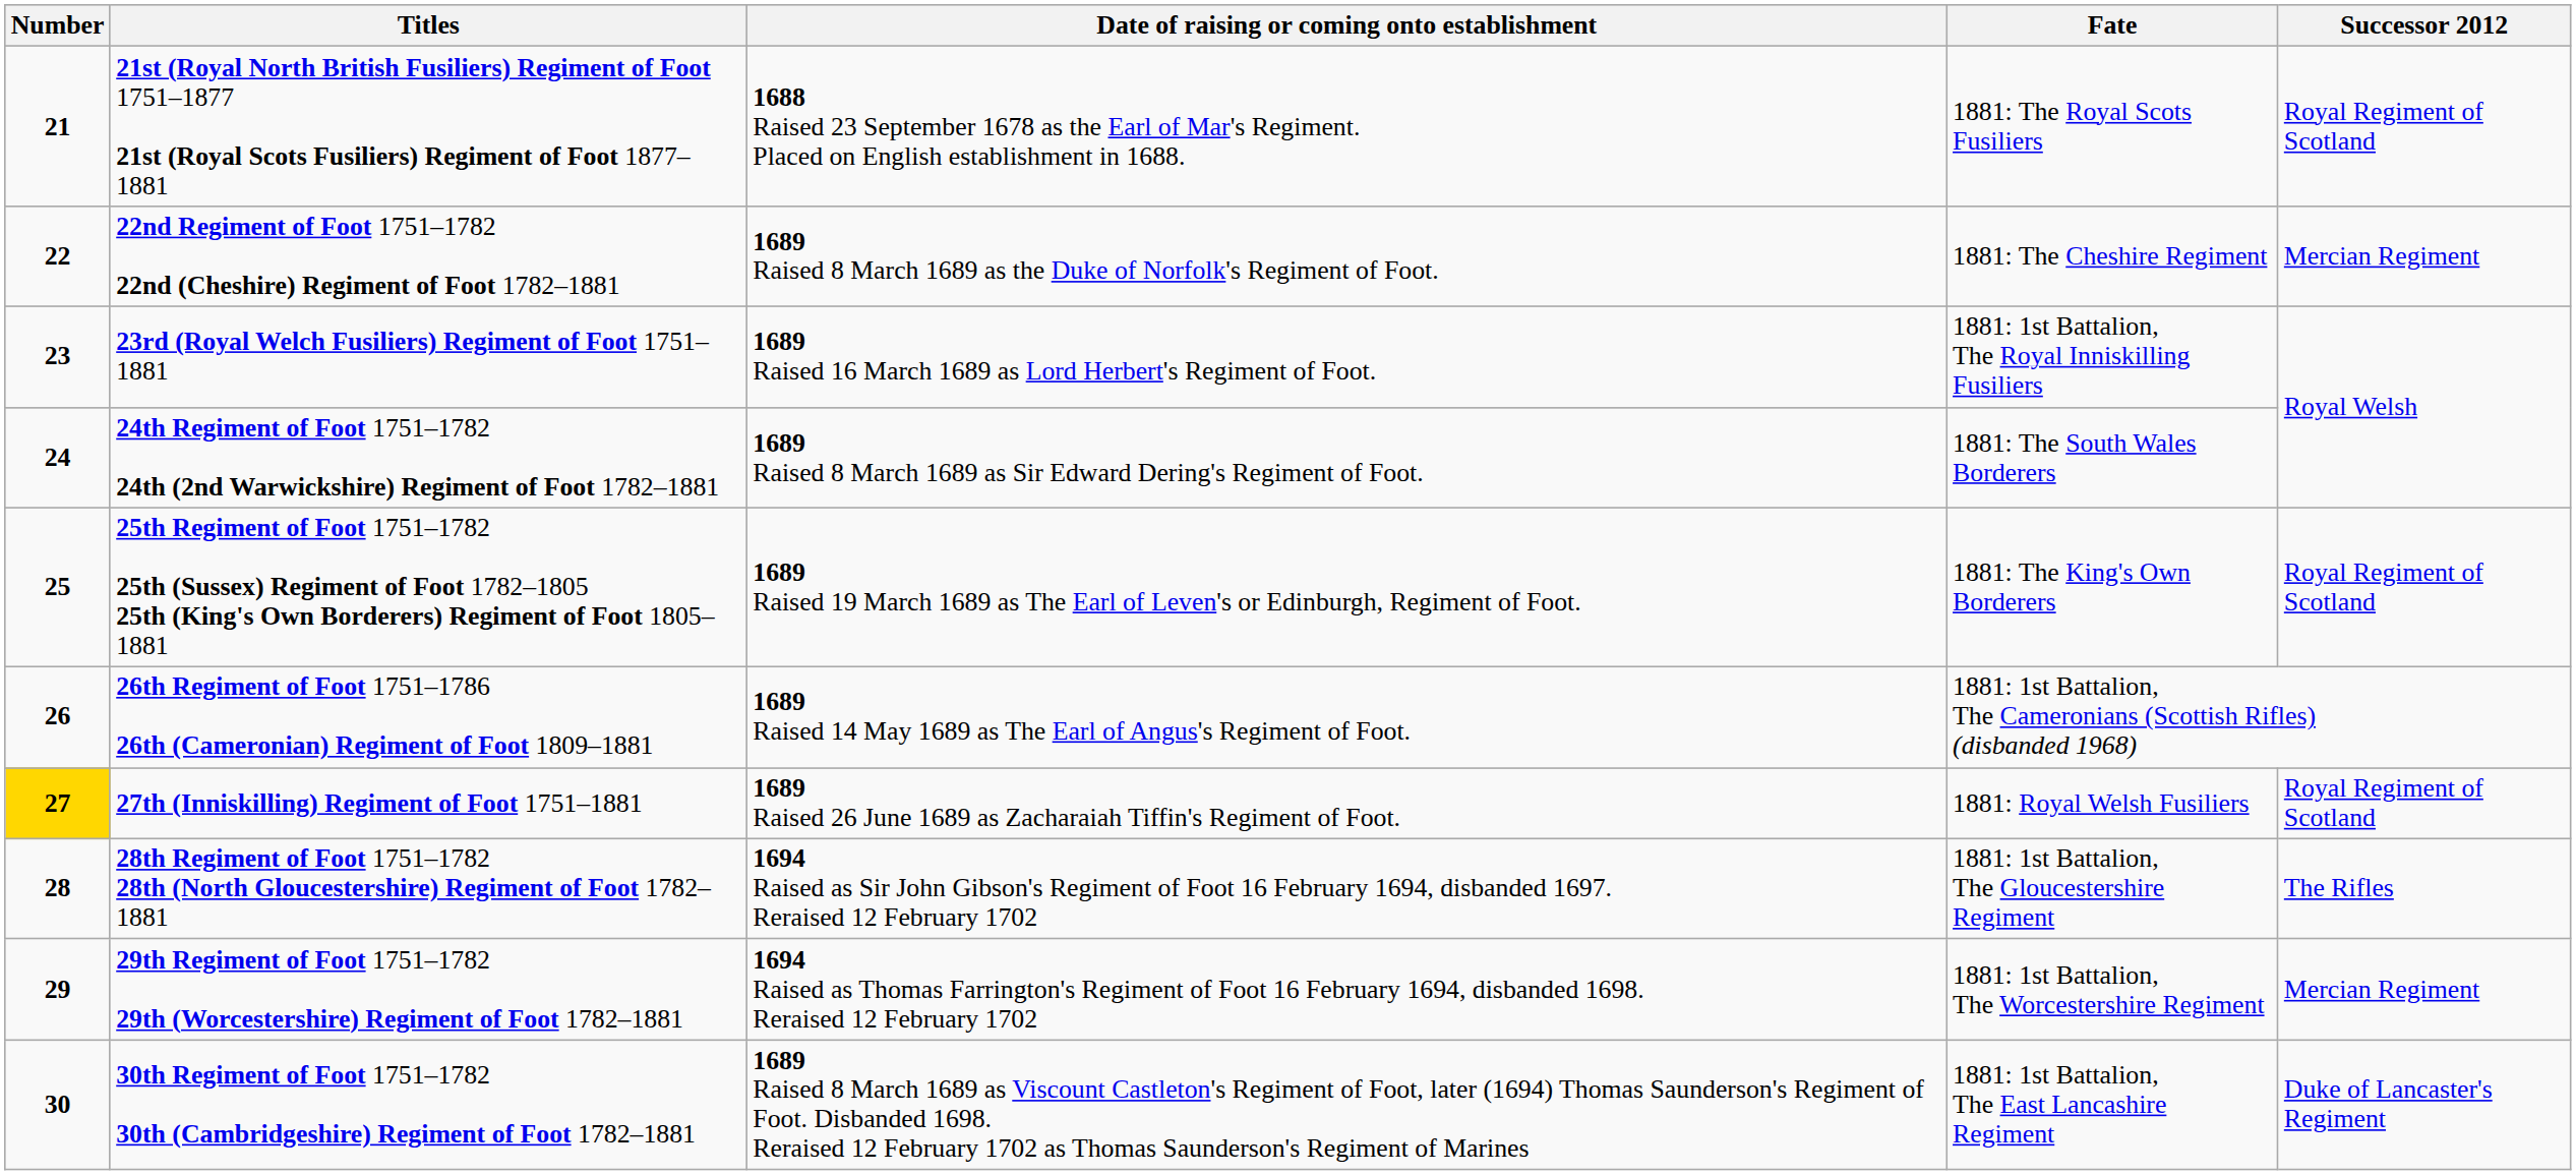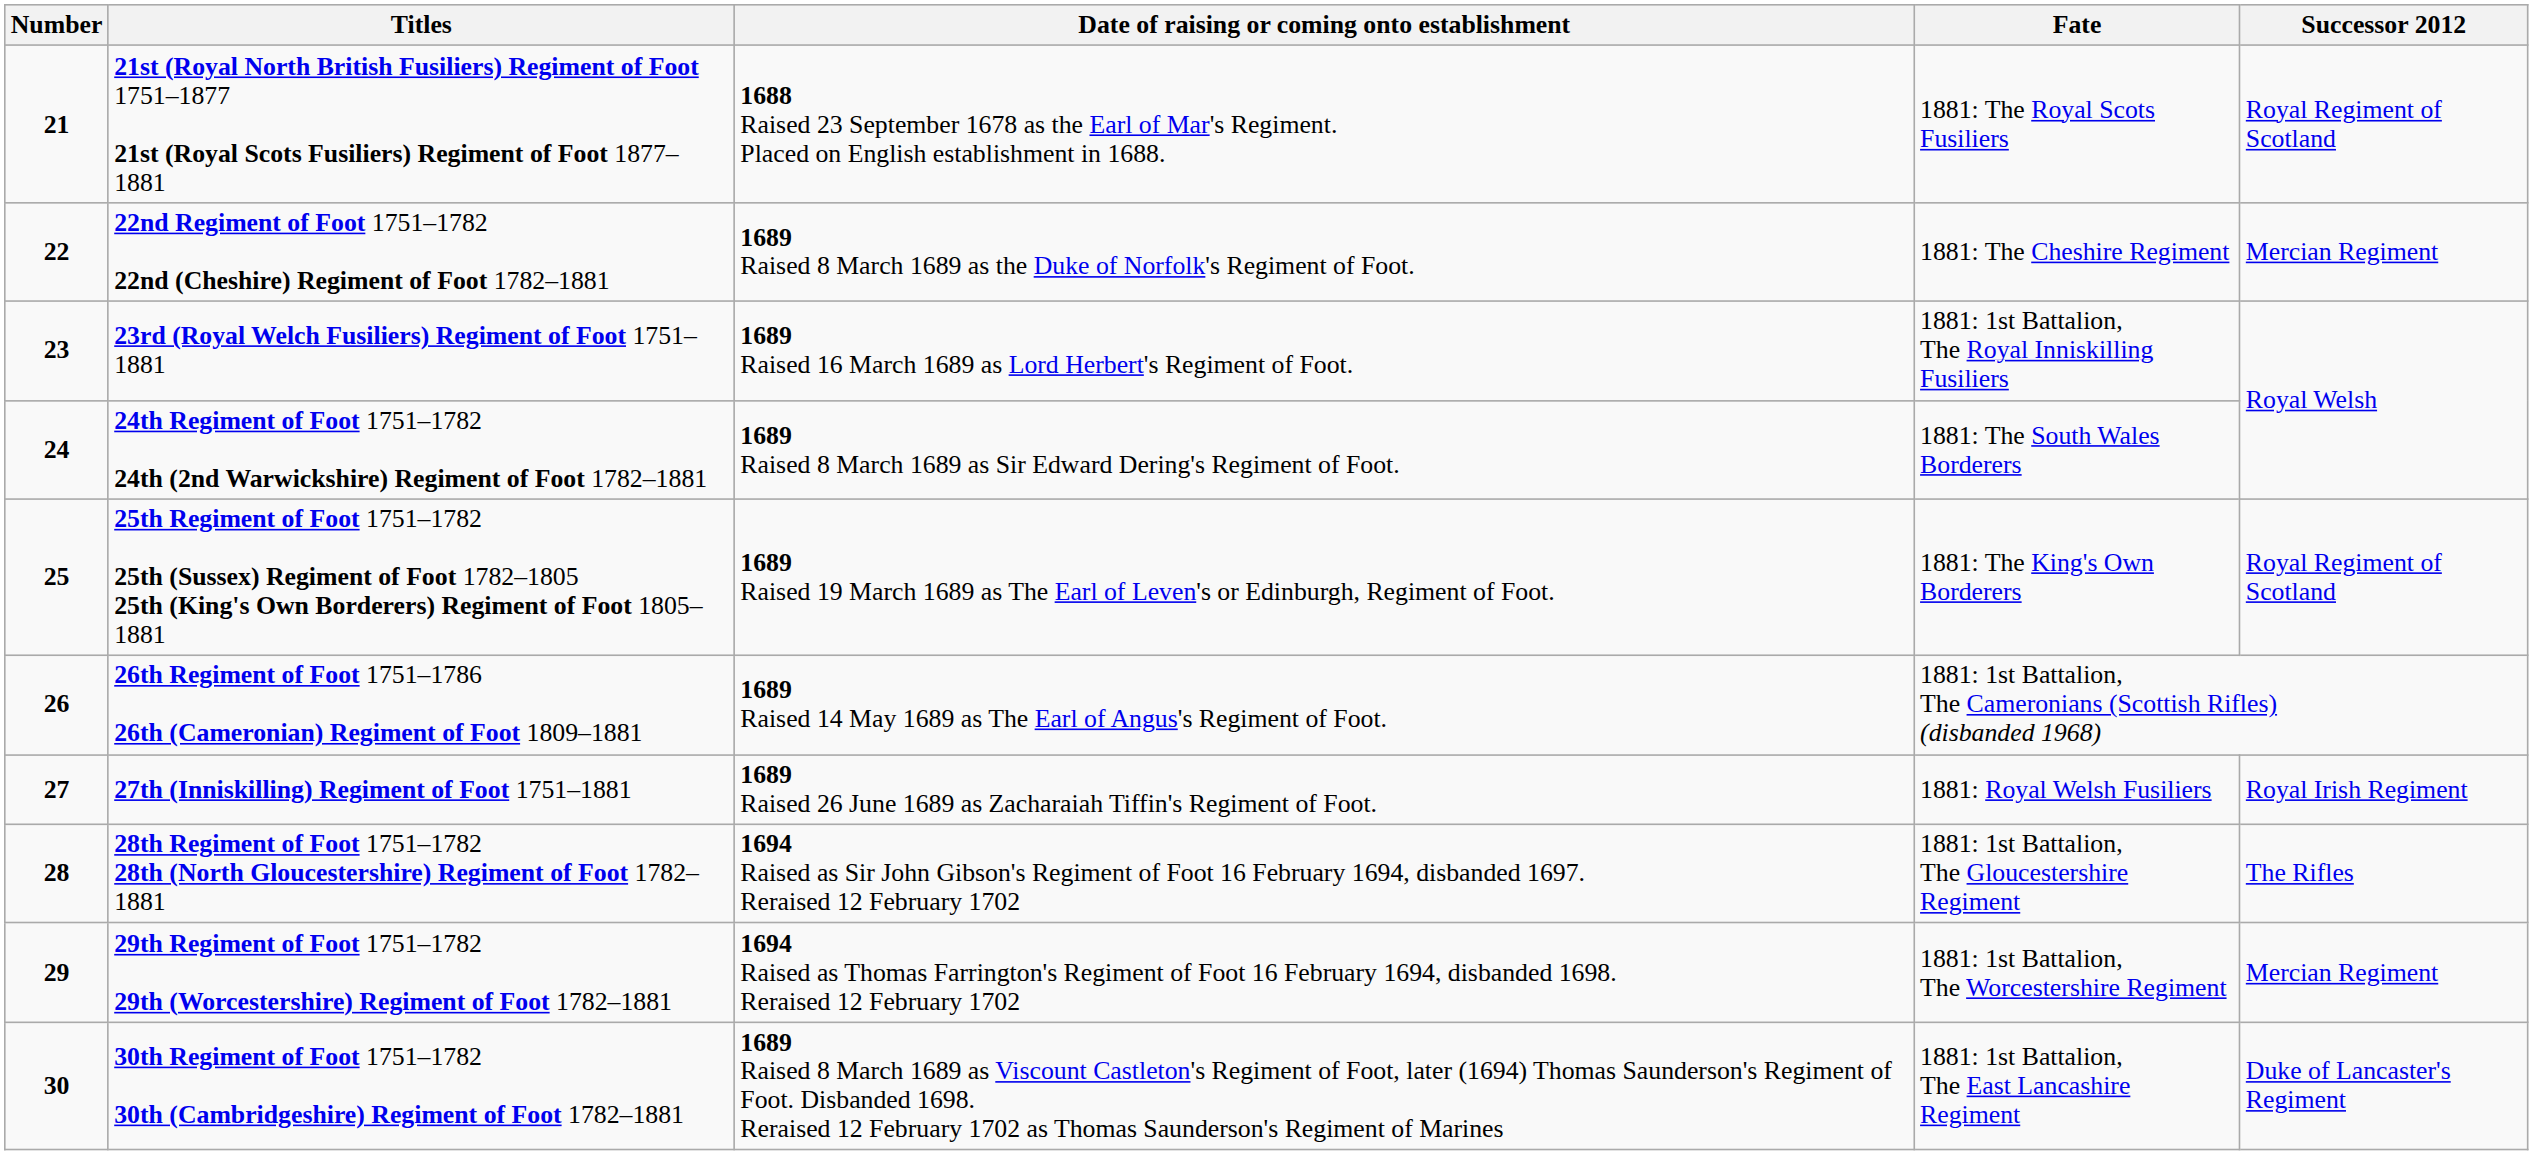 <table class="wikitable">
 <tr>
 <th>Number</th>
 <th>Titles</th>
 <th>Date of raising or coming onto establishment</th>
 <th>Fate</th>
 <th>Successor 2012</th>
 </tr>
 <tr>
 <td align=center valign=middle><strong>21</strong></td>
 <td><strong><a href='#'>21st (Royal North British Fusiliers) Regiment of Foot</a></strong> 1751–1877<br><br><strong>21st (Royal Scots Fusiliers) Regiment of Foot</strong> 1877–1881</td>
 <td><strong>1688</strong><br>Raised 23 September 1678 as the <a href='#'>Earl of Mar</a>'s Regiment.<br> Placed on English establishment in 1688.</td>
 <td>1881: The <a href='#'>Royal Scots Fusiliers</a></td>
 <td><a href='#'>Royal Regiment of Scotland</a></td>
 </tr>
 <tr>
 <td align=center valign=middle><strong>22</strong></td>
 <td><strong><a href='#'>22nd Regiment of Foot</a></strong> 1751–1782<br><br><strong>22nd (Cheshire) Regiment of Foot</strong> 1782–1881</td>
 <td><strong>1689</strong><br>Raised 8 March 1689 as the <a href='#'>Duke of Norfolk</a>'s Regiment of Foot.</td>
 <td>1881: The <a href='#'>Cheshire Regiment</a></td>
 <td><a href='#'>Mercian Regiment</a></td>
 </tr>
 <tr>
 <td align=center valign=middle><strong>23</strong></td>
 <td><strong><a href='#'>23rd (Royal Welch Fusiliers) Regiment of Foot</a></strong> 1751–1881</td>
 <td><strong>1689</strong><br>Raised 16 March 1689 as <a href='#'>Lord Herbert</a>'s Regiment of Foot.</td>
 <td>1881: 1st Battalion,<br> The <a href='#'>Royal Inniskilling Fusiliers</a></td>
 <td rowspan=2><a href='#'>Royal Welsh</a></td>
 </tr>
 <tr>
 <td align=center valign=middle><strong>24</strong></td>
 <td><strong><a href='#'>24th Regiment of Foot</a></strong> 1751–1782<br><br><strong>24th (2nd Warwickshire) Regiment of Foot</strong> 1782–1881</td>
 <td><strong>1689</strong><br>Raised 8 March 1689 as Sir Edward Dering's Regiment of Foot.</td>
 <td>1881: The <a href='#'>South Wales Borderers</a></td>
 </tr>
 <tr>
 <td align=center valign=middle><strong>25</strong></td>
 <td><strong><a href='#'>25th Regiment of Foot</a></strong> 1751–1782<br><br><strong>25th (Sussex) Regiment of Foot</strong> 1782–1805<br> <strong>25th (King's Own Borderers) Regiment of Foot</strong> 1805–1881</td>
 <td><strong>1689</strong><br>Raised 19 March 1689 as The <a href='#'>Earl of Leven</a>'s or Edinburgh, Regiment of Foot.</td>
 <td>1881: The <a href='#'>King's Own Borderers</a></td>
 <td><a href='#'>Royal Regiment of Scotland</a></td>
 </tr>
 <tr>
 <td align=center valign=middle><strong>26</strong></td>
 <td><strong><a href='#'>26th Regiment of Foot</a></strong> 1751–1786<br><br><strong><a href='#'>26th (Cameronian) Regiment of Foot</a></strong> 1809–1881</td>
 <td><strong>1689</strong><br>Raised 14 May 1689 as The <a href='#'>Earl of Angus</a>'s Regiment of Foot.</td>
 <td colspan=2>1881: 1st Battalion,<br> The <a href='#'>Cameronians (Scottish Rifles)</a><br><em>(disbanded 1968)</em></td>
 </tr>
 <tr>
-<td align=center valign=middle style="background: gold;"><strong>27</strong></td>
+<td align=center valign=middle><strong>27</strong></td>
 <td><strong><a href='#'>27th (Inniskilling) Regiment of Foot</a></strong> 1751–1881</td>
 <td><strong>1689</strong><br>Raised 26 June 1689 as Zacharaiah Tiffin's Regiment of Foot.</td>
 <td>1881: <a href='#'>Royal Welsh Fusiliers</a></td>
-<td><a href='#'>Royal Regiment of Scotland</a></td>
+<td><a href='#'>Royal Irish Regiment</a></td>
 </tr>
 <tr>
 <td align=center valign=middle><strong>28</strong></td>
 <td><strong><a href='#'>28th Regiment of Foot</a></strong> 1751–1782<br><strong><a href='#'>28th (North Gloucestershire) Regiment of Foot</a></strong> 1782–1881</td>
 <td><strong>1694</strong><br>Raised as Sir John Gibson's Regiment of Foot 16 February 1694, disbanded 1697.<br>Reraised 12 February 1702</td>
 <td>1881: 1st Battalion,<br> The <a href='#'>Gloucestershire Regiment</a></td>
 <td><a href='#'>The Rifles</a></td>
 </tr>
 <tr>
 <td align=center valign=middle><strong>29</strong></td>
 <td><strong><a href='#'>29th Regiment of Foot</a></strong> 1751–1782<br><br><strong><a href='#'>29th (Worcestershire) Regiment of Foot</a></strong> 1782–1881</td>
 <td><strong>1694</strong><br>Raised as Thomas Farrington's Regiment of Foot 16 February 1694, disbanded 1698.<br>Reraised 12 February 1702</td>
 <td>1881: 1st Battalion,<br> The <a href='#'>Worcestershire Regiment</a></td>
 <td><a href='#'>Mercian Regiment</a></td>
 </tr>
 <tr>
 <td align=center valign=middle><strong>30</strong></td>
 <td><strong><a href='#'>30th Regiment of Foot</a></strong> 1751–1782<br><br><strong><a href='#'>30th (Cambridgeshire) Regiment of Foot</a></strong> 1782–1881</td>
 <td><strong>1689</strong><br>Raised 8 March 1689 as <a href='#'>Viscount Castleton</a>'s Regiment of Foot, later (1694) Thomas Saunderson's Regiment of Foot. Disbanded 1698.<br>Reraised 12 February 1702 as Thomas Saunderson's Regiment of Marines</td>
 <td>1881: 1st Battalion,<br> The <a href='#'>East Lancashire Regiment</a></td>
 <td><a href='#'>Duke of Lancaster's Regiment</a></td>
 </tr>
 </table>
